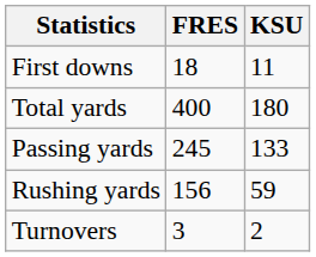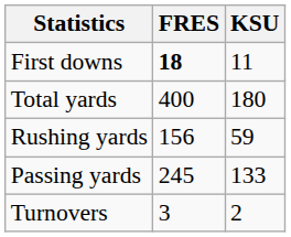 <table class="wikitable">
 <tr>
 <th>Statistics</th>
 <th>FRES</th>
 <th>KSU</th>
 </tr>
 <tr>
 <td>First downs</td>
-<td>18</td>
+<td><strong>18</strong></td>
 <td>11</td>
 </tr>
 <tr>
 <td>Total yards</td>
 <td>400</td>
 <td>180</td>
 </tr>
 <tr>
+<td>Rushing yards</td>
+<td>156</td>
+<td>59</td>
+</tr>
+<tr>
 <td>Passing yards</td>
 <td>245</td>
 <td>133</td>
-</tr>
-<tr>
-<td>Rushing yards</td>
-<td>156</td>
-<td>59</td>
 </tr>
 <tr>
 <td>Turnovers</td>
 <td>3</td>
 <td>2</td>
 </tr>
 </table>
